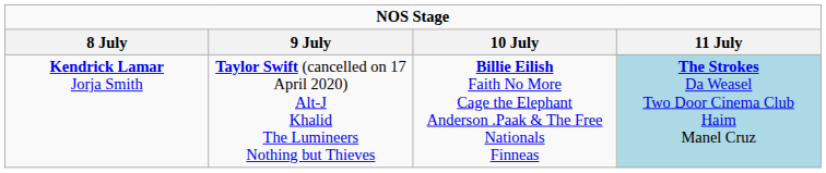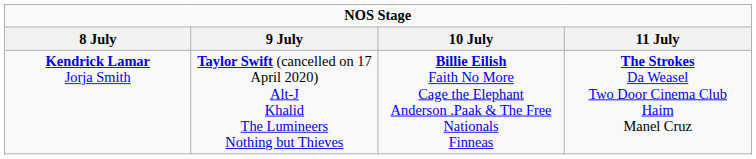 <table class="wikitable">
 <tr>
 <td colspan="4" align="center"><strong>NOS Stage</strong></td>
 </tr>
 <tr>
 <th>8 July</th>
 <th>9 July</th>
 <th>10 July</th>
 <th>11 July</th>
 </tr>
 <tr>
 <td width="200" align="center" valign="top"><strong><a href='#'>Kendrick Lamar</a></strong><br><a href='#'>Jorja Smith</a></td>
 <td width="200" align="center" valign="top"><strong><a href='#'>Taylor Swift</a></strong> (cancelled on 17 April 2020) <br><a href='#'>Alt-J</a><br><a href='#'>Khalid</a><br><a href='#'>The Lumineers</a><br><a href='#'>Nothing but Thieves</a></td>
 <td width="200" align="center" valign="top"><strong><a href='#'>Billie Eilish</a></strong><br><a href='#'>Faith No More</a><br><a href='#'>Cage the Elephant</a><br><a href='#'>Anderson .Paak & The Free Nationals</a><br><a href='#'>Finneas</a></td>
-<td width="200" align="center" valign="top" style="background: lightblue;"><strong><a href='#'>The Strokes</a></strong><br><a href='#'>Da Weasel</a><br><a href='#'>Two Door Cinema Club</a><br><a href='#'>Haim</a><br>Manel Cruz</td>
+<td width="200" align="center" valign="top"><strong><a href='#'>The Strokes</a></strong><br><a href='#'>Da Weasel</a><br><a href='#'>Two Door Cinema Club</a><br><a href='#'>Haim</a><br>Manel Cruz</td>
 </tr>
 </table>
